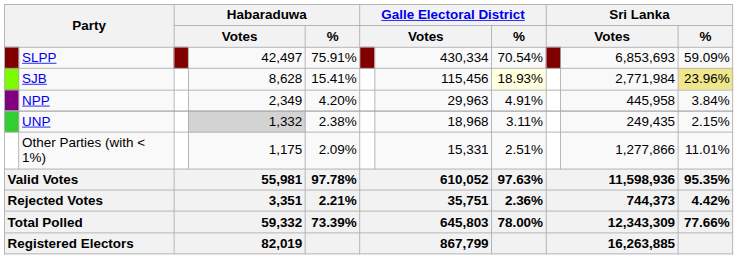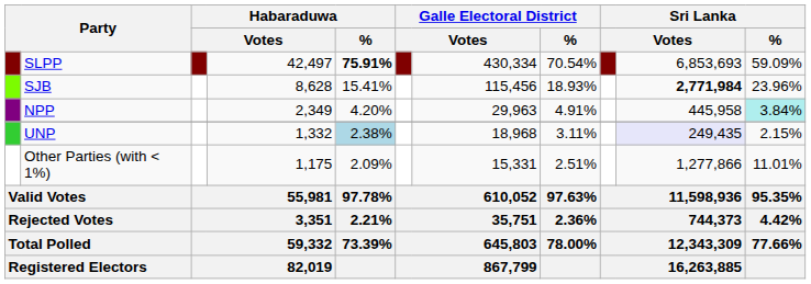 <table class="wikitable">
 <tr>
 <th colspan="2" width="144px"rowspan="2">Party</th>
 <th colspan="3" width="216px">Habaraduwa</th>
 <th colspan="3" width="216px"><a href='#'>Galle Electoral District</a></th>
 <th colspan="3" width="216px">Sri Lanka</th>
 </tr>
 <tr>
 <th colspan="2" width="144px">Votes</th>
 <th>%</th>
 <th colspan="2" width="144px">Votes</th>
 <th>%</th>
 <th colspan="2" width="144px">Votes</th>
 <th>%</th>
 </tr>
 <tr>
 <td style="background-color:maroon;" width="10px"></td>
 <td style="text-align:left;"><a href='#'>SLPP</a></td>
 <td style="background-color:maroon;" width="10px"></td>
 <td style="text-align:right;">42,497</td>
-<td style="text-align:right;">75.91%</td>
+<td style="text-align:right;"><strong>75.91%</strong></td>
 <td style="background-color:maroon;" width="10px"></td>
 <td style="text-align:right;">430,334</td>
 <td style="text-align:right;">70.54%</td>
 <td style="background-color:maroon;" width="10px"></td>
 <td style="text-align:right;">6,853,693</td>
 <td style="text-align:right;">59.09%</td>
 </tr>
 <tr>
 <td style="background-color:#7CFC00;" width="10px"></td>
 <td style="text-align:left;"><a href='#'>SJB</a></td>
 <td style="background-color:white;" width="10px"></td>
 <td style="text-align:right;">8,628</td>
 <td style="text-align:right;">15.41%</td>
 <td style="background-color:white;" width="10px"></td>
 <td style="text-align:right;">115,456</td>
-<td style="background: lightyellow; text-align:right;">18.93%</td>
+<td style="text-align:right;">18.93%</td>
 <td style="background-color:white;" width="10px"></td>
-<td style="text-align:right;">2,771,984</td>
-<td style="background: khaki; text-align:right;">23.96%</td>
+<td style="text-align:right;"><strong>2,771,984</strong></td>
+<td style="text-align:right;">23.96%</td>
 </tr>
 <tr>
 <td style="background-color:purple;" width="10px"></td>
 <td style="text-align:left;"><a href='#'>NPP</a></td>
 <td style="background-color:white;" width="10px"></td>
 <td style="text-align:right;">2,349</td>
 <td style="text-align:right;">4.20%</td>
 <td style="background-color:white;" width="10px"></td>
 <td style="text-align:right;">29,963</td>
 <td style="text-align:right;">4.91%</td>
 <td style="background-color:white;" width="10px"></td>
 <td style="text-align:right;">445,958</td>
-<td style="text-align:right;">3.84%</td>
+<td style="background: paleturquoise; text-align:right;">3.84%</td>
 </tr>
 <tr>
 </tr>
 <tr>
 <td style="background-color:#32CD32;" width="10px"></td>
 <td style="text-align:left;"><a href='#'>UNP</a></td>
 <td style="background-color:white;" width="10px"></td>
-<td style="background: lightgrey; text-align:right;">1,332</td>
-<td style="text-align:right;">2.38%</td>
+<td style="text-align:right;">1,332</td>
+<td style="background: lightblue; text-align:right;">2.38%</td>
 <td style="background-color:white;" width="10px"></td>
 <td style="text-align:right;">18,968</td>
 <td style="text-align:right;">3.11%</td>
 <td style="background-color:white;" width="10px"></td>
-<td style="text-align:right;">249,435</td>
+<td style="background: lavender; text-align:right;">249,435</td>
 <td style="text-align:right;">2.15%</td>
 </tr>
 <tr>
 <td style="background-color:white;" width="10px"></td>
 <td style="text-align:left;">Other Parties (with < 1%)</td>
 <td style="background-color:white;" width="10px"></td>
 <td style="text-align:right;">1,175</td>
 <td style="text-align:right;">2.09%</td>
 <td style="background-color:white;" width="10px"></td>
 <td style="text-align:right;">15,331</td>
 <td style="text-align:right;">2.51%</td>
 <td style="background-color:white;" width="10px"></td>
 <td style="text-align:right;">1,277,866</td>
 <td style="text-align:right;">11.01%</td>
 </tr>
 <tr>
 <th colspan="2" width="144px"style="text-align:left;">Valid Votes</th>
 <th style="text-align:right;"colspan="2" width="144px">55,981</th>
 <th style="text-align:right;">97.78%</th>
 <th style="text-align:right;"colspan="2" width="144px">610,052</th>
 <th style="text-align:right;">97.63%</th>
 <th style="text-align:right;"colspan="2" width="144px">11,598,936</th>
 <th style="text-align:right;">95.35%</th>
 </tr>
 <tr>
 <th colspan="2" width="144px"style="text-align:left;">Rejected Votes</th>
 <th style="text-align:right;"colspan="2" width="144px">3,351</th>
 <th style="text-align:right;">2.21%</th>
 <th style="text-align:right;"colspan="2" width="144px">35,751</th>
 <th style="text-align:right;">2.36%</th>
 <th style="text-align:right;"colspan="2" width="144px">744,373</th>
 <th style="text-align:right;">4.42%</th>
 </tr>
 <tr>
 <th colspan="2" width="144px"style="text-align:left;">Total Polled</th>
 <th style="text-align:right;"colspan="2" width="144px">59,332</th>
 <th style="text-align:right;">73.39%</th>
 <th style="text-align:right;"colspan="2" width="144px">645,803</th>
 <th style="text-align:right;">78.00%</th>
 <th style="text-align:right;"colspan="2" width="144px">12,343,309</th>
 <th style="text-align:right;">77.66%</th>
 </tr>
 <tr>
 <th colspan="2" width="144px"style="text-align:left;">Registered Electors</th>
 <th style="text-align:right;"colspan="2" width="144px">82,019</th>
 <th></th>
 <th style="text-align:right;"colspan="2" width="144px">867,799</th>
 <th></th>
 <th style="text-align:right;"colspan="2" width="144px">16,263,885</th>
 <th></th>
 </tr>
 </table>
